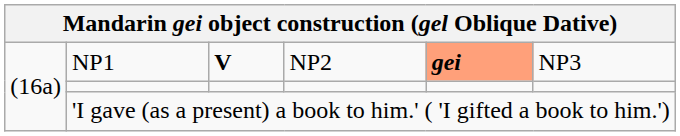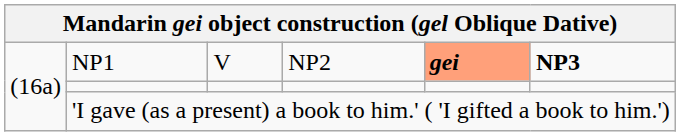 <table class="wikitable">
 <tr>
 <th colspan="7">Mandarin <em>gei</em> object construction (<em>gel</em> Oblique Dative)</th>
 </tr>
 <tr>
 <td rowspan="4">(16a)</td>
 <td>NP1</td>
-<td><strong>V</strong></td>
+<td>V</td>
 <td>NP2</td>
 <td style="background: lightsalmon;"><strong><em>gei</em></strong></td>
-<td>NP3</td>
+<td><strong>NP3</strong></td>
 </tr>
 <tr>
 <td></td>
 <td></td>
 <td></td>
 <td></td>
 <td></td>
 </tr>
 <tr>
 <td colspan="6">'I gave (as a present) a book to him.' ( 'I gifted a book to him.')</td>
 </tr>
 </table>
